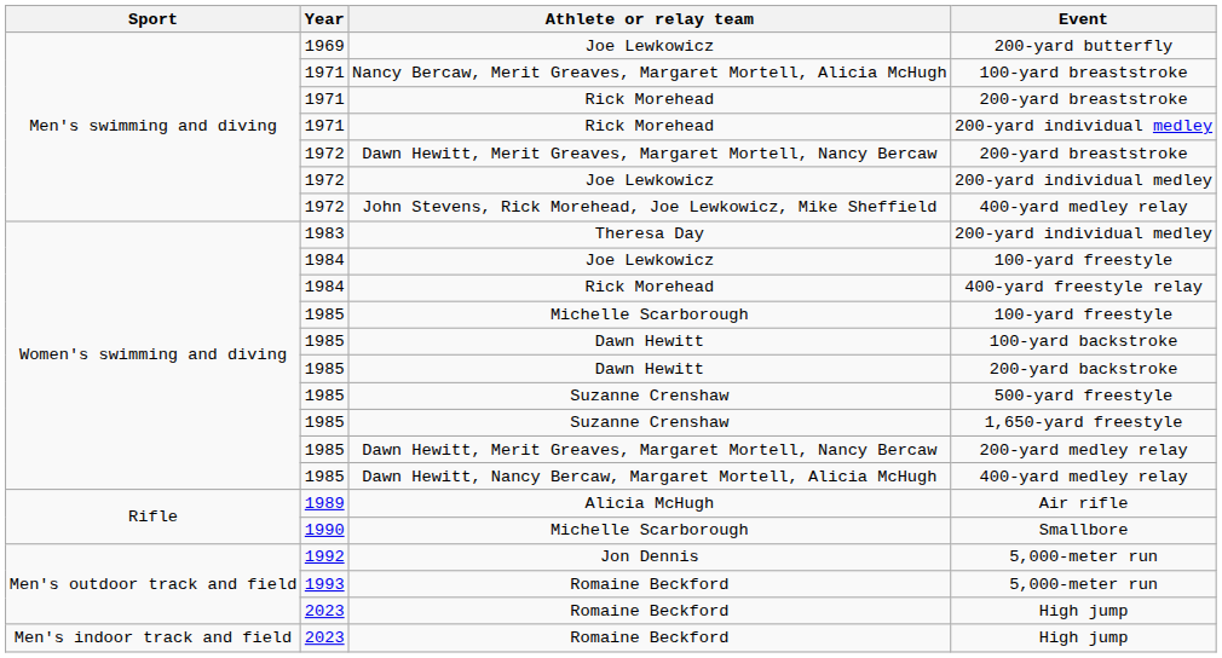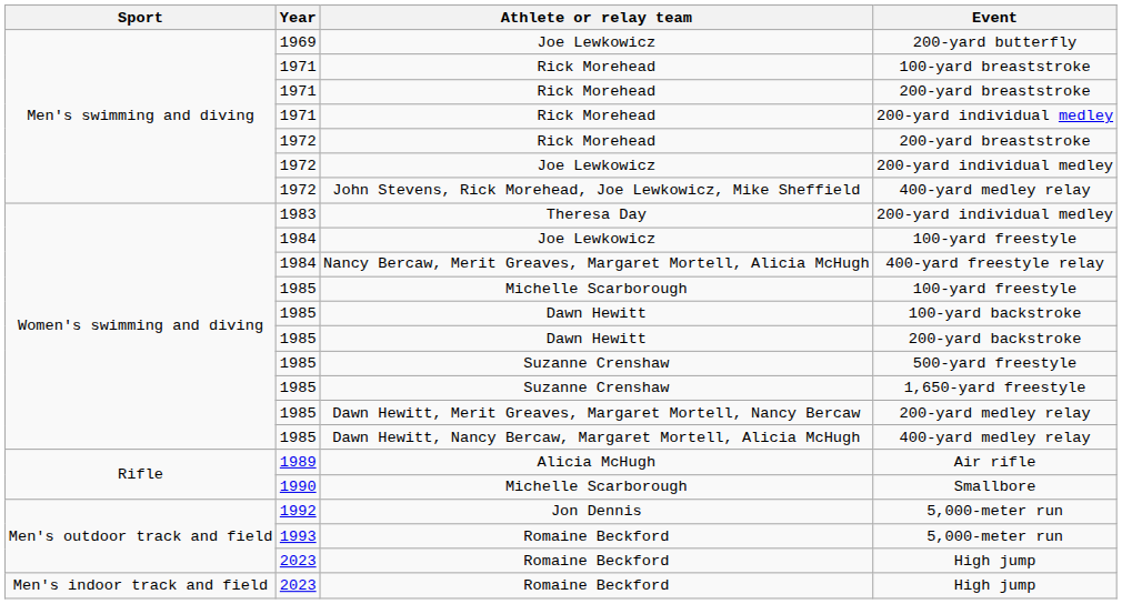 <table class="wikitable sortable" style="text-align:center">
 <tr>
 <th style="text-align:center;">Sport</th>
 <th style="text-align:center;">Year</th>
 <th style="text-align:center;">Athlete or relay team</th>
 <th style="text-align:center;">Event</th>
 </tr>
 <tr>
 <td rowspan="7">Men's swimming and diving</td>
 <td>1969</td>
 <td>Joe Lewkowicz</td>
 <td>200-yard butterfly</td>
 </tr>
 <tr>
 <td>1971</td>
-<td>Nancy Bercaw, Merit Greaves, Margaret Mortell, Alicia McHugh</td>
+<td>Rick Morehead</td>
 <td>100-yard breaststroke</td>
 </tr>
 <tr>
 <td>1971</td>
 <td>Rick Morehead</td>
 <td>200-yard breaststroke</td>
 </tr>
 <tr>
 <td>1971</td>
 <td>Rick Morehead</td>
 <td>200-yard individual <a href='#'>medley</a></td>
 </tr>
 <tr>
 <td>1972</td>
-<td>Dawn Hewitt, Merit Greaves, Margaret Mortell, Nancy Bercaw</td>
+<td>Rick Morehead</td>
 <td>200-yard breaststroke</td>
 </tr>
 <tr>
 <td>1972</td>
 <td>Joe Lewkowicz</td>
 <td>200-yard individual medley</td>
 </tr>
 <tr>
 <td>1972</td>
 <td>John Stevens, Rick Morehead, Joe Lewkowicz, Mike Sheffield</td>
 <td>400-yard medley relay</td>
 </tr>
 <tr>
 <td rowspan="10">Women's swimming and diving</td>
 <td>1983</td>
 <td>Theresa Day</td>
 <td>200-yard individual medley</td>
 </tr>
 <tr>
 <td>1984</td>
 <td>Joe Lewkowicz</td>
 <td>100-yard freestyle</td>
 </tr>
 <tr>
 <td>1984</td>
-<td>Rick Morehead</td>
+<td>Nancy Bercaw, Merit Greaves, Margaret Mortell, Alicia McHugh</td>
 <td>400-yard freestyle relay</td>
 </tr>
 <tr>
 <td>1985</td>
 <td>Michelle Scarborough</td>
 <td>100-yard freestyle</td>
 </tr>
 <tr>
 <td>1985</td>
 <td>Dawn Hewitt</td>
 <td>100-yard backstroke</td>
 </tr>
 <tr>
 <td>1985</td>
 <td>Dawn Hewitt</td>
 <td>200-yard backstroke</td>
 </tr>
 <tr>
 <td>1985</td>
 <td>Suzanne Crenshaw</td>
 <td>500-yard freestyle</td>
 </tr>
 <tr>
 <td>1985</td>
 <td>Suzanne Crenshaw</td>
 <td>1,650-yard freestyle</td>
 </tr>
 <tr>
 <td>1985</td>
 <td>Dawn Hewitt, Merit Greaves, Margaret Mortell, Nancy Bercaw</td>
 <td>200-yard medley relay</td>
 </tr>
 <tr>
 <td>1985</td>
 <td>Dawn Hewitt, Nancy Bercaw, Margaret Mortell, Alicia McHugh</td>
 <td>400-yard medley relay</td>
 </tr>
 <tr>
 <td rowspan="2">Rifle</td>
 <td><a href='#'>1989</a></td>
 <td>Alicia McHugh</td>
 <td>Air rifle</td>
 </tr>
 <tr>
 <td><a href='#'>1990</a></td>
 <td>Michelle Scarborough</td>
 <td>Smallbore</td>
 </tr>
 <tr>
 <td rowspan="3">Men's outdoor track and field</td>
 <td><a href='#'>1992</a></td>
 <td>Jon Dennis</td>
 <td>5,000-meter run</td>
 </tr>
 <tr>
 <td><a href='#'>1993</a></td>
 <td>Romaine Beckford</td>
 <td>5,000-meter run</td>
 </tr>
 <tr>
 <td><a href='#'>2023</a></td>
 <td>Romaine Beckford</td>
 <td>High jump</td>
 </tr>
 <tr>
 <td>Men's indoor track and field</td>
 <td><a href='#'>2023</a></td>
 <td>Romaine Beckford</td>
 <td>High jump</td>
 </tr>
 </table>
